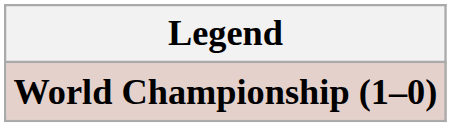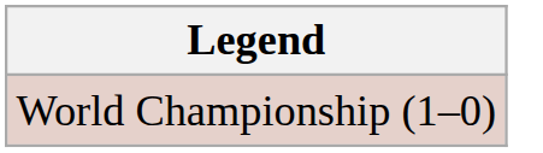 <table class="wikitable">
 <tr>
 <th>Legend</th>
 </tr>
 <tr style="background:#e5d1cb;">
-<td><strong>World Championship (1–0)</strong></td>
+<td>World Championship (1–0)</td>
 </tr>
 </table>
